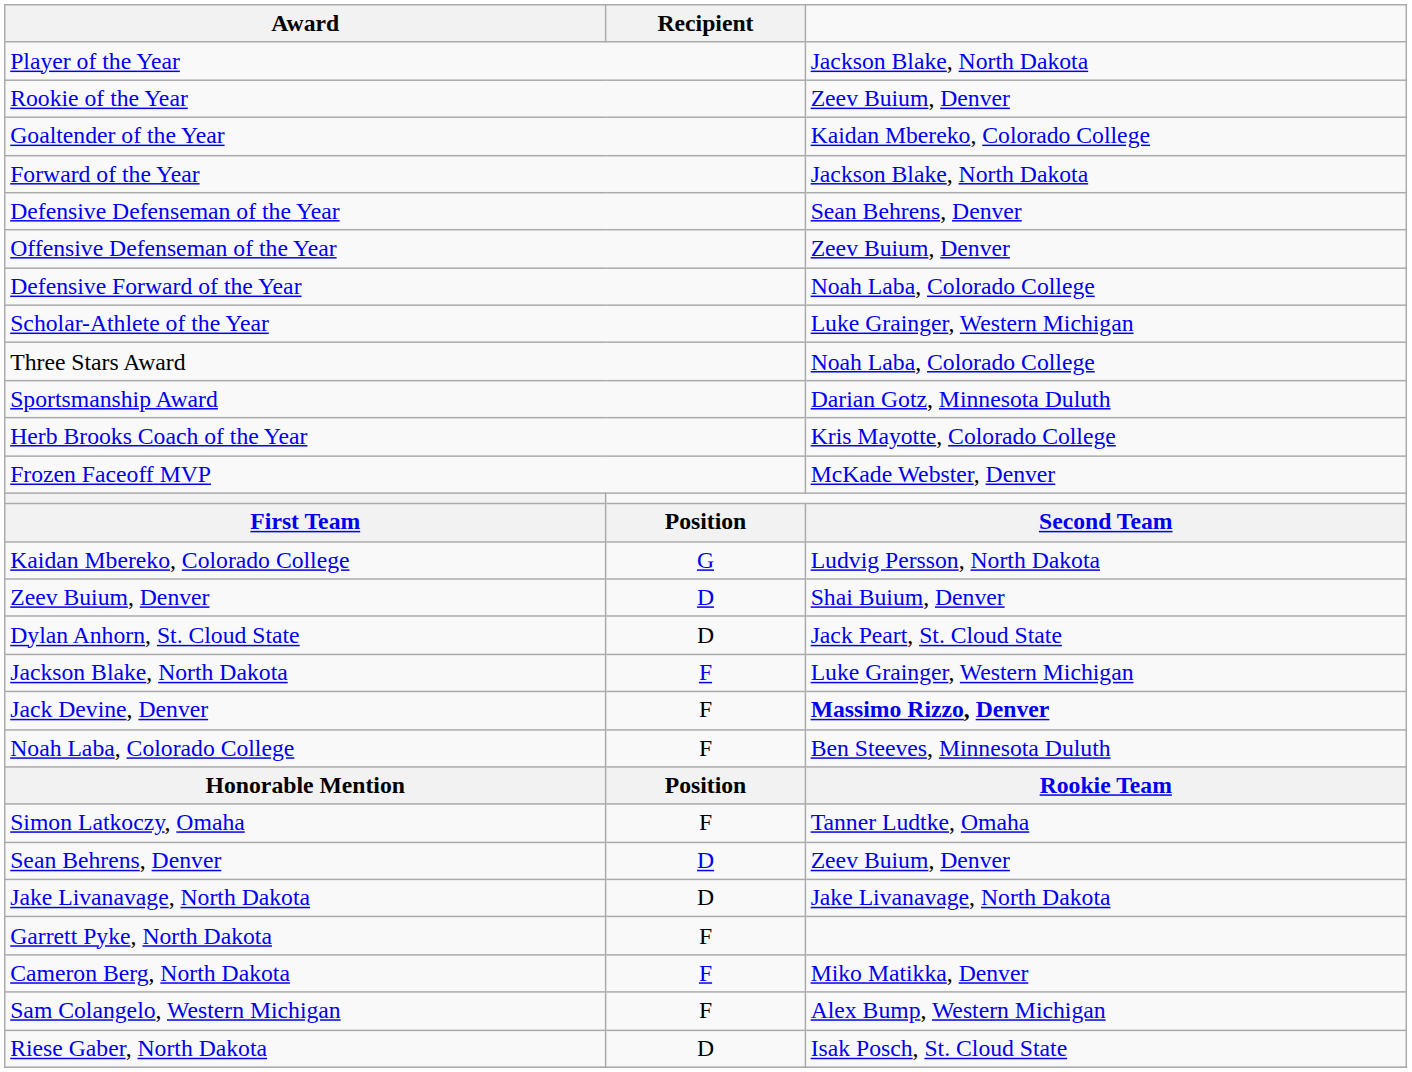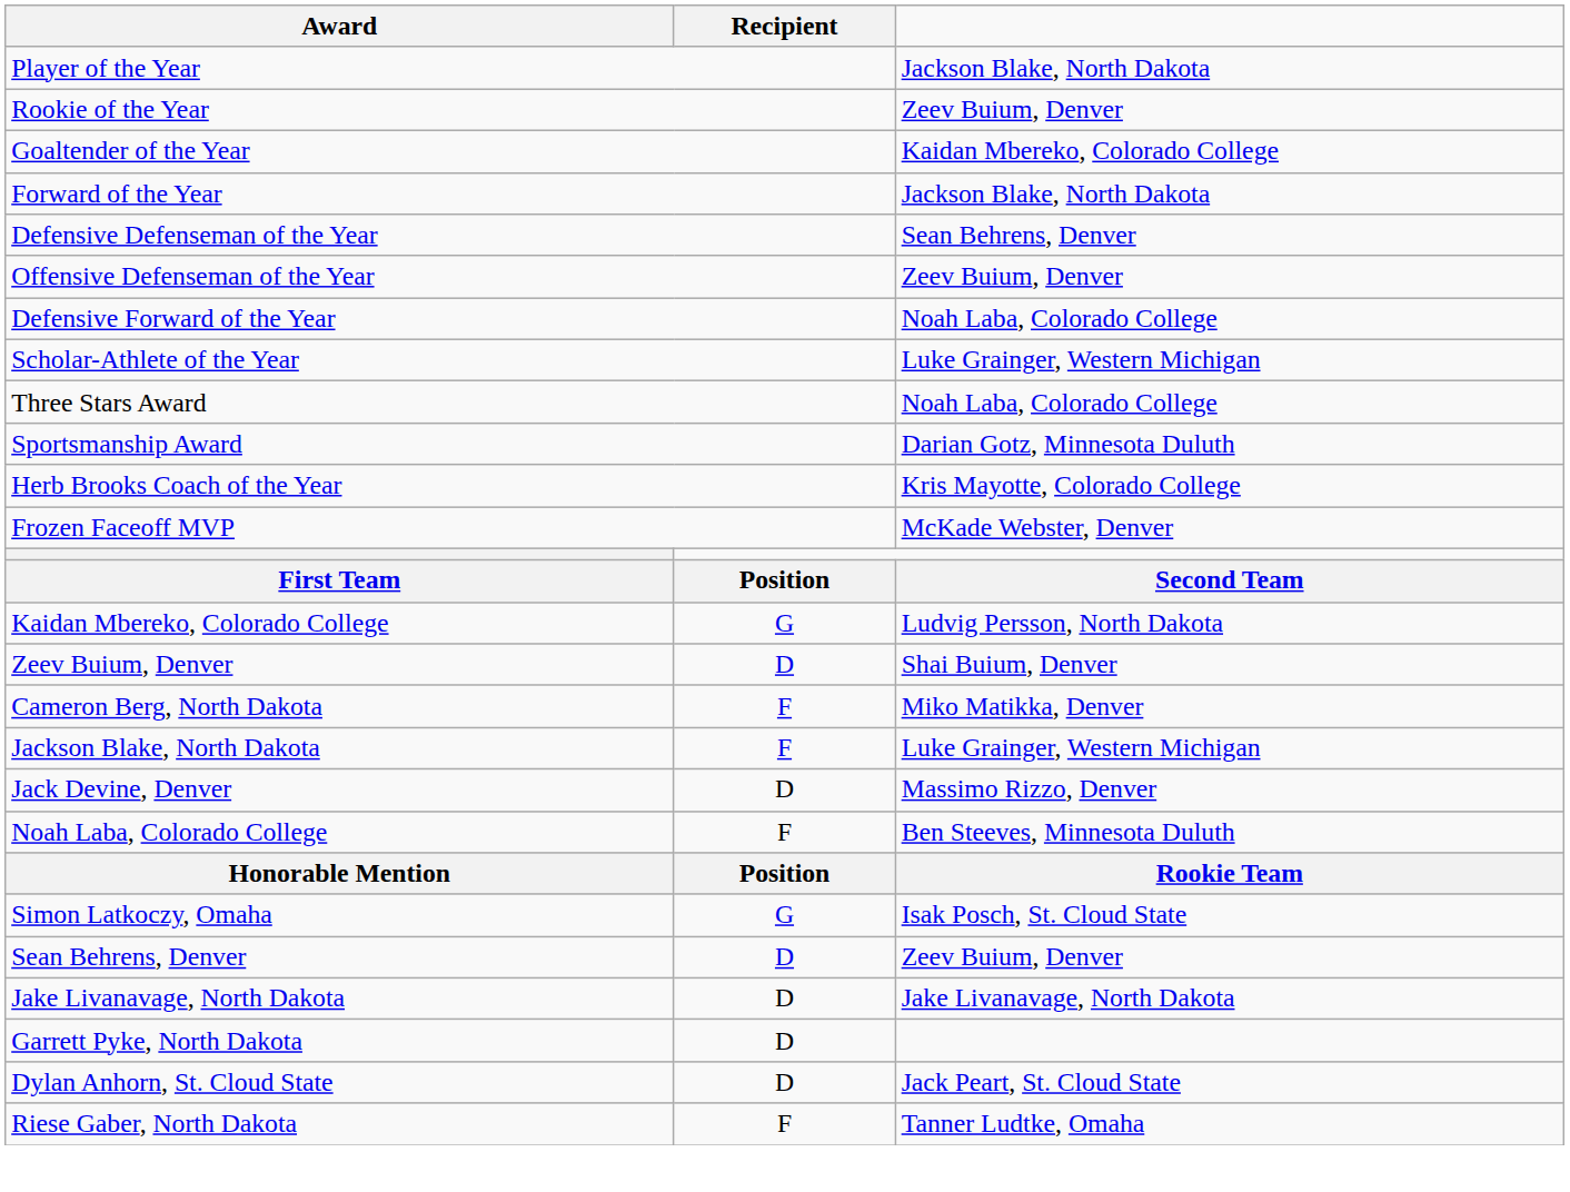 <table class="wikitable" width=75%>
 <tr>
 <th>Award</th>
 <th>Recipient</th>
 </tr>
 <tr>
 <td colspan=2><a href='#'>Player of the Year</a></td>
 <td><a href='#'>Jackson Blake</a>, <a href='#'>North Dakota</a></td>
 </tr>
 <tr>
 <td colspan=2><a href='#'>Rookie of the Year</a></td>
 <td><a href='#'>Zeev Buium</a>, <a href='#'>Denver</a></td>
 </tr>
 <tr>
 <td colspan=2><a href='#'>Goaltender of the Year</a></td>
 <td><a href='#'>Kaidan Mbereko</a>, <a href='#'>Colorado College</a></td>
 </tr>
 <tr>
 <td colspan=2><a href='#'>Forward of the Year</a></td>
 <td><a href='#'>Jackson Blake</a>, <a href='#'>North Dakota</a></td>
 </tr>
 <tr>
 <td colspan=2><a href='#'>Defensive Defenseman of the Year</a></td>
 <td><a href='#'>Sean Behrens</a>, <a href='#'>Denver</a></td>
 </tr>
 <tr>
 <td colspan=2><a href='#'>Offensive Defenseman of the Year</a></td>
 <td><a href='#'>Zeev Buium</a>, <a href='#'>Denver</a></td>
 </tr>
 <tr>
 <td colspan=2><a href='#'>Defensive Forward of the Year</a></td>
 <td><a href='#'>Noah Laba</a>, <a href='#'>Colorado College</a></td>
 </tr>
 <tr>
 <td colspan=2><a href='#'>Scholar-Athlete of the Year</a></td>
 <td><a href='#'>Luke Grainger</a>, <a href='#'>Western Michigan</a></td>
 </tr>
 <tr>
 <td colspan=2>Three Stars Award</td>
 <td><a href='#'>Noah Laba</a>, <a href='#'>Colorado College</a></td>
 </tr>
 <tr>
 <td colspan=2><a href='#'>Sportsmanship Award</a></td>
 <td><a href='#'>Darian Gotz</a>, <a href='#'>Minnesota Duluth</a></td>
 </tr>
 <tr>
 <td colspan=2><a href='#'>Herb Brooks Coach of the Year</a></td>
 <td><a href='#'>Kris Mayotte</a>, <a href='#'>Colorado College</a></td>
 </tr>
 <tr>
 <td colspan=2><a href='#'>Frozen Faceoff MVP</a></td>
 <td><a href='#'>McKade Webster</a>, <a href='#'>Denver</a></td>
 </tr>
 <tr>
 <th><a href='#'></a></th>
 </tr>
 <tr>
 <th><a href='#'>First Team</a></th>
 <th>  Position  </th>
 <th><a href='#'>Second Team</a></th>
 </tr>
 <tr>
 <td><a href='#'>Kaidan Mbereko</a>, <a href='#'>Colorado College</a></td>
 <td align=center><a href='#'>G</a></td>
 <td><a href='#'>Ludvig Persson</a>, <a href='#'>North Dakota</a></td>
 </tr>
 <tr>
 <td><a href='#'>Zeev Buium</a>, <a href='#'>Denver</a></td>
 <td align=center><a href='#'>D</a></td>
 <td><a href='#'>Shai Buium</a>, <a href='#'>Denver</a></td>
 </tr>
 <tr>
-<td><a href='#'>Dylan Anhorn</a>, <a href='#'>St. Cloud State</a></td>
-<td align=center>D</td>
-<td><a href='#'>Jack Peart</a>, <a href='#'>St. Cloud State</a></td>
+<td><a href='#'>Cameron Berg</a>, <a href='#'>North Dakota</a></td>
+<td align=center><a href='#'>F</a></td>
+<td><a href='#'>Miko Matikka</a>, <a href='#'>Denver</a></td>
 </tr>
 <tr>
 <td><a href='#'>Jackson Blake</a>, <a href='#'>North Dakota</a></td>
 <td align=center><a href='#'>F</a></td>
 <td><a href='#'>Luke Grainger</a>, <a href='#'>Western Michigan</a></td>
 </tr>
 <tr>
 <td><a href='#'>Jack Devine</a>, <a href='#'>Denver</a></td>
-<td align=center>F</td>
-<td><strong><a href='#'>Massimo Rizzo</a>, <a href='#'>Denver</a></strong></td>
+<td align=center>D</td>
+<td><a href='#'>Massimo Rizzo</a>, <a href='#'>Denver</a></td>
 </tr>
 <tr>
 <td><a href='#'>Noah Laba</a>, <a href='#'>Colorado College</a></td>
 <td align=center>F</td>
 <td><a href='#'>Ben Steeves</a>, <a href='#'>Minnesota Duluth</a></td>
 </tr>
 <tr>
 <th>Honorable Mention</th>
 <th>  Position  </th>
 <th><a href='#'>Rookie Team</a></th>
 </tr>
 <tr>
 <td><a href='#'>Simon Latkoczy</a>, <a href='#'>Omaha</a></td>
-<td align=center>F</td>
-<td><a href='#'>Tanner Ludtke</a>, <a href='#'>Omaha</a></td>
+<td align=center><a href='#'>G</a></td>
+<td><a href='#'>Isak Posch</a>, <a href='#'>St. Cloud State</a></td>
 </tr>
 <tr>
 <td><a href='#'>Sean Behrens</a>, <a href='#'>Denver</a></td>
 <td align=center><a href='#'>D</a></td>
 <td><a href='#'>Zeev Buium</a>, <a href='#'>Denver</a></td>
 </tr>
 <tr>
 <td><a href='#'>Jake Livanavage</a>, <a href='#'>North Dakota</a></td>
 <td align=center>D</td>
 <td><a href='#'>Jake Livanavage</a>, <a href='#'>North Dakota</a></td>
 </tr>
 <tr>
 <td><a href='#'>Garrett Pyke</a>, <a href='#'>North Dakota</a></td>
-<td align=center>F</td>
+<td align=center>D</td>
 <td></td>
 </tr>
 <tr>
-<td><a href='#'>Cameron Berg</a>, <a href='#'>North Dakota</a></td>
-<td align=center><a href='#'>F</a></td>
-<td><a href='#'>Miko Matikka</a>, <a href='#'>Denver</a></td>
-</tr>
-<tr>
-<td><a href='#'>Sam Colangelo</a>, <a href='#'>Western Michigan</a></td>
-<td align=center>F</td>
-<td><a href='#'>Alex Bump</a>, <a href='#'>Western Michigan</a></td>
+<td><a href='#'>Dylan Anhorn</a>, <a href='#'>St. Cloud State</a></td>
+<td align=center>D</td>
+<td><a href='#'>Jack Peart</a>, <a href='#'>St. Cloud State</a></td>
 </tr>
 <tr>
 <td><a href='#'>Riese Gaber</a>, <a href='#'>North Dakota</a></td>
-<td align=center>D</td>
-<td><a href='#'>Isak Posch</a>, <a href='#'>St. Cloud State</a></td>
+<td align=center>F</td>
+<td><a href='#'>Tanner Ludtke</a>, <a href='#'>Omaha</a></td>
 </tr>
 <tr>
 </tr>
 </table>
